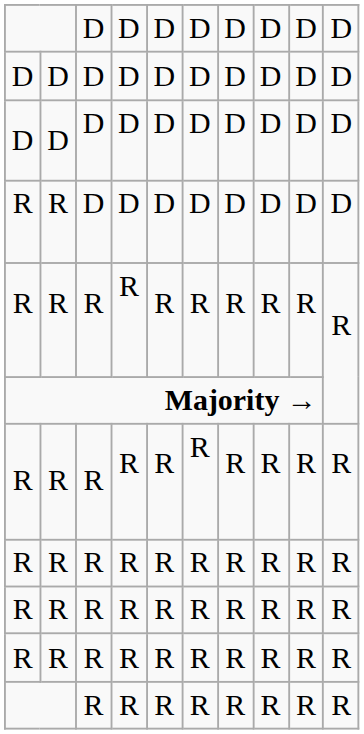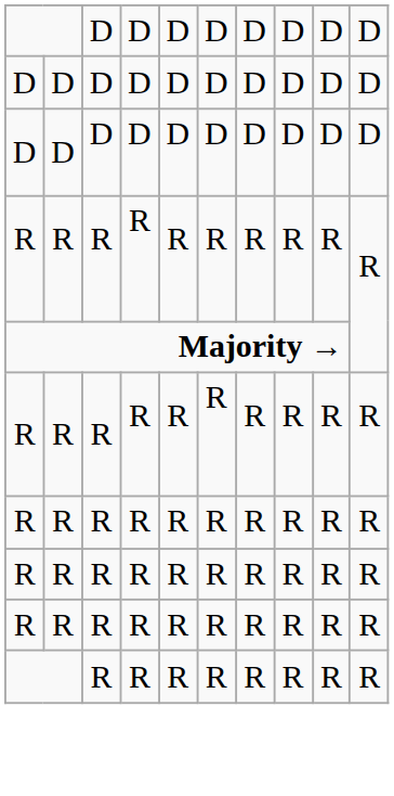 <table class="wikitable" style="text-align:center">
 <tr>
 <td colspan=2> </td>
 <td>D</td>
 <td>D</td>
 <td>D</td>
 <td>D</td>
 <td>D</td>
 <td>D</td>
 <td>D</td>
 <td>D</td>
 </tr>
 <tr>
 <td width=10% >D</td>
 <td width=10% >D</td>
 <td width=10% >D</td>
 <td width=10% >D</td>
 <td width=10% >D</td>
 <td width=10% >D</td>
 <td width=10% >D</td>
 <td width=10% >D</td>
 <td width=10% >D</td>
 <td width=10% >D</td>
 </tr>
 <tr>
 <td>D</td>
 <td>D</td>
-<td>D<br><br></td>
-<td>D<br><br></td>
-<td>D<br><br></td>
-<td>D<br><br></td>
-<td>D<br><br></td>
-<td>D<br><br></td>
-<td>D<br><br></td>
-<td>D<br><br></td>
-</tr>
-<tr>
-<td>R<br><br></td>
-<td>R<br><br></td>
 <td>D<br><br></td>
 <td>D<br><br></td>
 <td>D<br><br></td>
 <td>D<br><br></td>
 <td>D<br><br></td>
 <td>D<br><br></td>
 <td>D<br><br></td>
 <td>D<br><br></td>
 </tr>
 <tr>
 <td>R<br><br></td>
 <td>R<br><br></td>
 <td>R<br><br></td>
 <td>R<br><br><br></td>
 <td>R<br><br></td>
 <td>R<br><br></td>
 <td>R<br><br></td>
 <td>R<br><br></td>
 <td>R<br><br></td>
 <td rowspan=2 >R<br><br></td>
 </tr>
 <tr>
 <td colspan=9 align=right><strong>Majority →</strong></td>
 </tr>
 <tr>
 <td>R</td>
 <td>R</td>
 <td>R</td>
 <td>R<br><br></td>
 <td>R<br><br></td>
 <td>R<br><br><br></td>
 <td>R<br><br></td>
 <td>R<br><br></td>
 <td>R<br><br></td>
 <td>R<br><br></td>
 </tr>
 <tr>
 <td>R</td>
 <td>R</td>
 <td>R</td>
 <td>R</td>
 <td>R</td>
 <td>R</td>
 <td>R</td>
 <td>R</td>
 <td>R</td>
 <td>R</td>
 </tr>
 <tr>
 <td>R</td>
 <td>R</td>
 <td>R</td>
 <td>R</td>
 <td>R</td>
 <td>R</td>
 <td>R</td>
 <td>R</td>
 <td>R</td>
 <td>R</td>
 </tr>
 <tr>
 <td>R</td>
 <td>R</td>
 <td>R</td>
 <td>R</td>
 <td>R</td>
 <td>R</td>
 <td>R</td>
 <td>R</td>
 <td>R</td>
 <td>R</td>
 </tr>
 <tr>
 <td colspan=2></td>
 <td>R</td>
 <td>R</td>
 <td>R</td>
 <td>R</td>
 <td>R</td>
 <td>R</td>
 <td>R</td>
 <td>R</td>
 </tr>
 </table>
